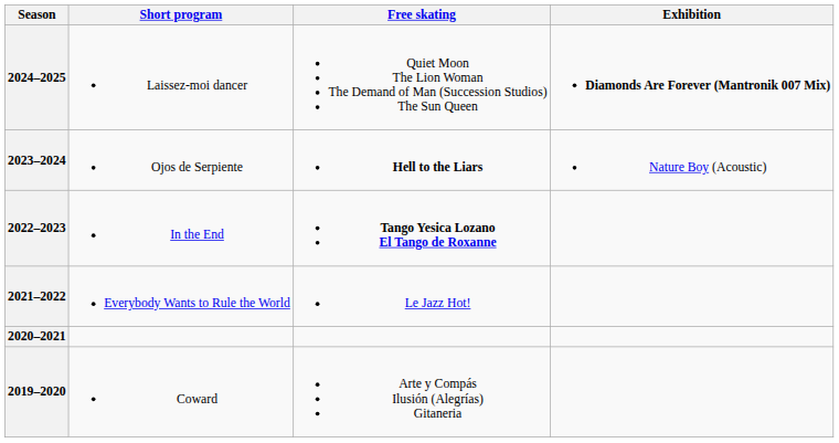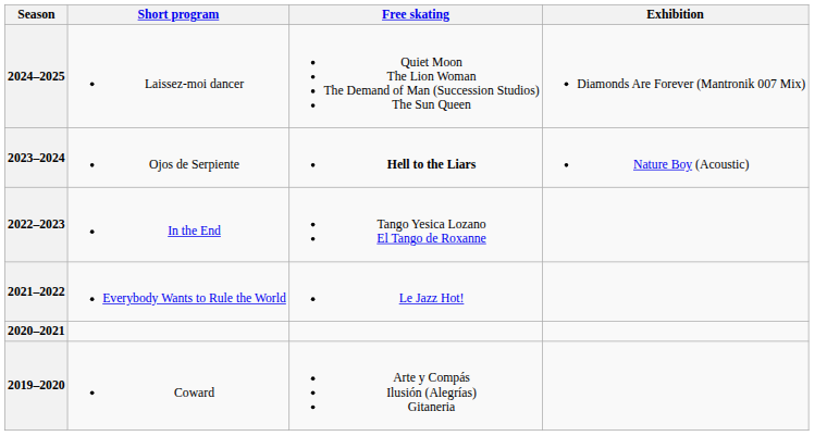 <table class=wikitable style=text-align:center>
 <tr>
 <th>Season</th>
 <th><a href='#'>Short program</a></th>
 <th><a href='#'>Free skating</a></th>
 <th>Exhibition</th>
 </tr>
 <tr>
 <th>2024–2025 <br> </th>
 <td><br><ul><li>Laissez-moi dancer <br></li></ul></td>
 <td><br><ul><li>Quiet Moon <br></li><li>The Lion Woman <br></li><li>The Demand of Man (Succession Studios) <br></li><li>The Sun Queen <br></li></ul></td>
-<td><strong><br><ul><li>Diamonds Are Forever (Mantronik 007 Mix) <br> </li></ul></strong></td>
+<td><br><ul><li>Diamonds Are Forever (Mantronik 007 Mix) <br> </li></ul></td>
 </tr>
 <tr>
 <th>2023–2024 <br> </th>
 <td><br><ul><li>Ojos de Serpiente <br></li></ul></td>
 <td><strong><br><ul><li>Hell to the Liars <br></li></ul></strong></td>
 <td><br><ul><li><a href='#'>Nature Boy</a> (Acoustic) <br></li></ul></td>
 </tr>
 <tr>
 <th>2022–2023 <br> </th>
 <td><br><ul><li><a href='#'>In the End</a> <br> </li></ul></td>
-<td><strong><br><ul><li>Tango Yesica Lozano <br> </li><li><a href='#'>El Tango de Roxanne</a> <br> </li></ul></strong></td>
+<td><br><ul><li>Tango Yesica Lozano <br> </li><li><a href='#'>El Tango de Roxanne</a> <br> </li></ul></td>
 <td></td>
 </tr>
 <tr>
 <th>2021–2022<br></th>
 <td><br><ul><li><a href='#'>Everybody Wants to Rule the World</a><br></li></ul></td>
 <td><br><ul><li><a href='#'>Le Jazz Hot!</a><br></li></ul></td>
 <td></td>
 </tr>
 <tr>
 <th>2020–2021<br></th>
 <td></td>
 <td></td>
 </tr>
 <tr>
 <th>2019–2020<br></th>
 <td><br><ul><li>Coward<br></li></ul></td>
 <td><br><ul><li>Arte y Compás<br></li><li>Ilusión (Alegrías)<br></li><li>Gitaneria<br></li></ul></td>
 <td></td>
 </tr>
 </table>
